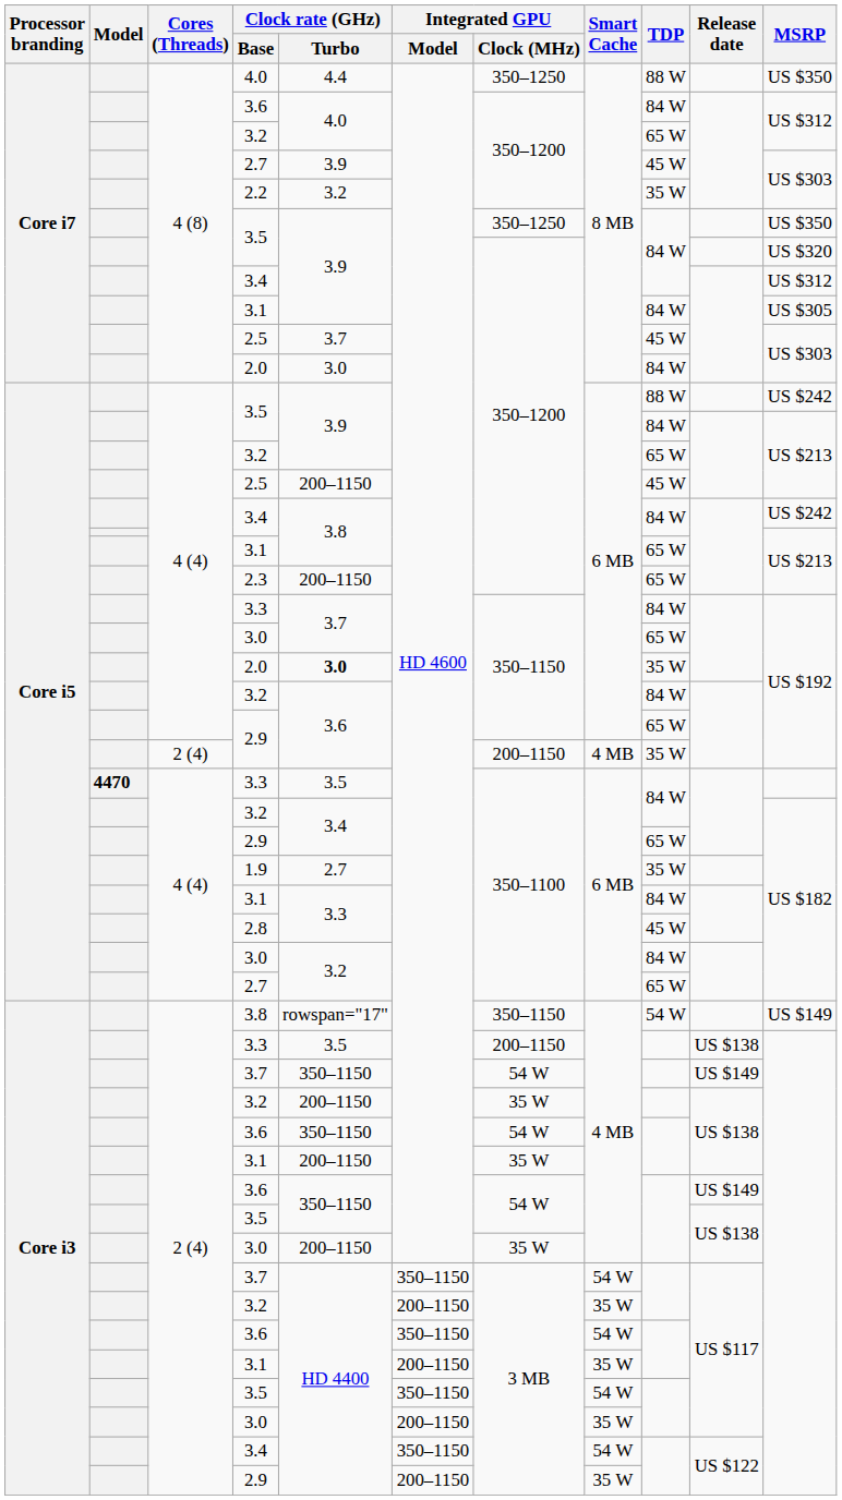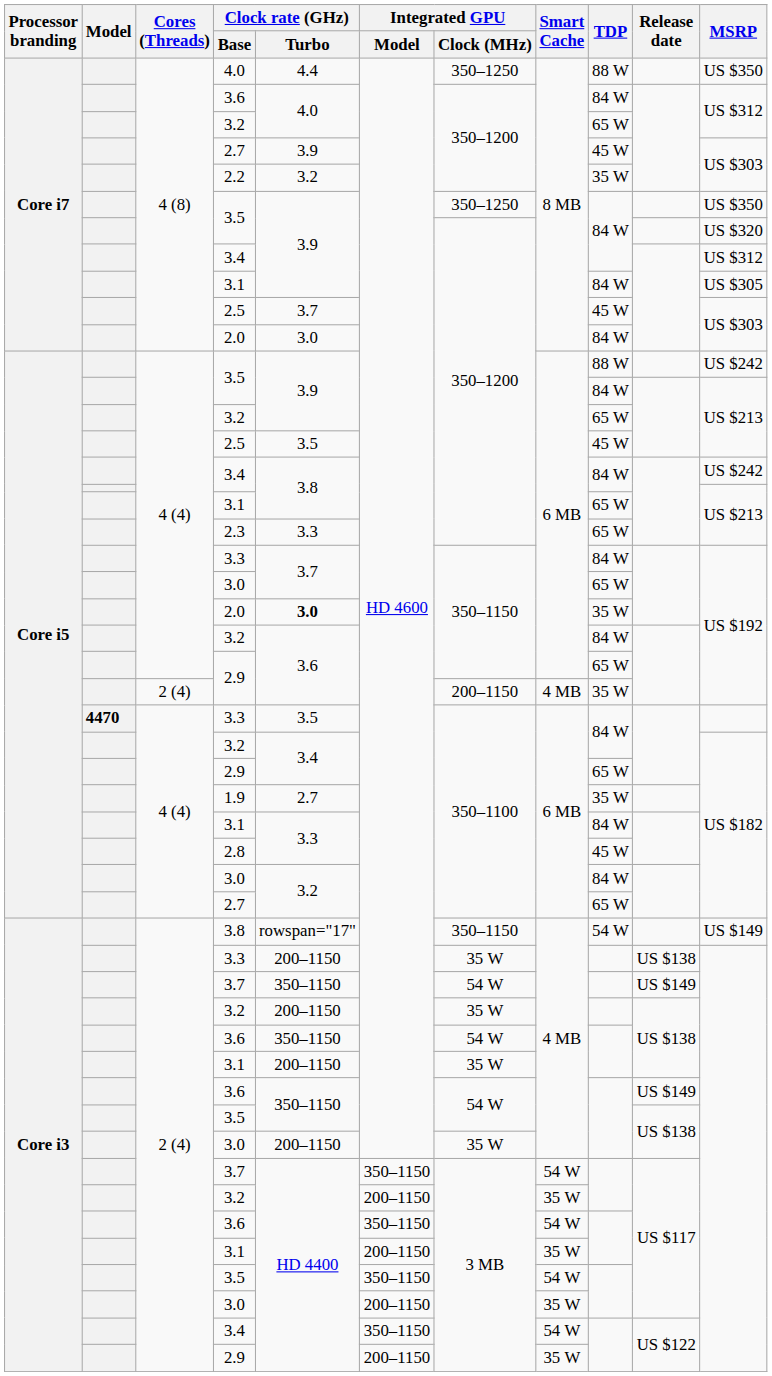 <table class="wikitable sortable nowrap" style="text-align: center;">
 <tr>
 <th class="unsortable" rowspan="2">Processor<br>branding</th>
 <th rowspan="2">Model</th>
 <th class="unsortable" rowspan="2"><a href='#'>Cores</a><br>(<a href='#'>Threads</a>)</th>
 <th colspan="2"><a href='#'>Clock rate</a> (GHz)</th>
 <th colspan="2">Integrated <a href='#'>GPU</a></th>
 <th class="unsortable" rowspan="2"><a href='#'>Smart<br>Cache</a></th>
 <th rowspan="2"><a href='#'>TDP</a></th>
 <th rowspan="2">Release<br>date</th>
 <th class="unsortable" rowspan="2"><a href='#'>MSRP</a></th>
 </tr>
 <tr>
 <th class="unsortable">Base</th>
 <th class="unsortable">Turbo</th>
 <th class="unsortable">Model</th>
 <th class="unsortable">Clock (MHz)</th>
 </tr>
 <tr>
 <th rowspan="11">Core i7</th>
 <th style="text-align:left;" data-sort-value="sku50"></th>
 <td rowspan="11">4 (8)</td>
 <td>4.0</td>
 <td>4.4</td>
 <td rowspan="42"><a href='#'>HD 4600</a></td>
 <td>350–1250</td>
 <td rowspan="11">8 MB</td>
 <td>88 W</td>
 <td></td>
 <td>US $350</td>
 </tr>
 <tr>
 <th style="text-align:left;" data-sort-value="sku49"></th>
 <td>3.6</td>
 <td rowspan="2">4.0</td>
 <td rowspan="4">350–1200</td>
 <td>84 W</td>
 <td rowspan="4"></td>
 <td rowspan="2">US $312</td>
 </tr>
 <tr>
 <th style="text-align:left;" data-sort-value="sku48"></th>
 <td>3.2</td>
 <td>65 W</td>
 </tr>
 <tr>
 <th style="text-align:left;" data-sort-value="sku47"></th>
 <td>2.7</td>
 <td>3.9</td>
 <td>45 W</td>
 <td rowspan="2">US $303</td>
 </tr>
 <tr>
 <th style="text-align:left;" data-sort-value="sku46"></th>
 <td>2.2</td>
 <td>3.2</td>
 <td>35 W</td>
 </tr>
 <tr>
 <th style="text-align:left;" data-sort-value="sku45"></th>
 <td rowspan="2">3.5</td>
 <td rowspan="4">3.9</td>
 <td>350–1250</td>
 <td rowspan="3">84 W</td>
 <td></td>
 <td>US $350</td>
 </tr>
 <tr>
 <th style="text-align:left;" data-sort-value="sku44"></th>
 <td rowspan="13">350–1200</td>
 <td></td>
 <td>US $320</td>
 </tr>
 <tr>
 <th style="text-align:left;" data-sort-value="sku43"></th>
 <td>3.4</td>
 <td rowspan="4"></td>
 <td>US $312</td>
 </tr>
 <tr>
 <th style="text-align:left;" data-sort-value="sku42"></th>
 <td>3.1</td>
 <td>84 W</td>
 <td>US $305</td>
 </tr>
 <tr>
 <th style="text-align:left;" data-sort-value="sku41"></th>
 <td>2.5</td>
 <td>3.7</td>
 <td>45 W</td>
 <td rowspan="2">US $303</td>
 </tr>
 <tr>
 <th style="text-align:left;" data-sort-value="sku40"></th>
 <td>2.0</td>
 <td>3.0</td>
 <td>84 W</td>
 </tr>
 <tr>
 <th rowspan="22">Core i5</th>
 <th style="text-align:left;" data-sort-value="sku39"></th>
 <td rowspan="13">4 (4)</td>
 <td rowspan="2">3.5</td>
 <td rowspan="3">3.9</td>
 <td rowspan="13">6 MB</td>
 <td>88 W</td>
 <td></td>
 <td>US $242</td>
 </tr>
 <tr>
 <th style="text-align:left;" data-sort-value="sku38"></th>
 <td>84 W</td>
 <td rowspan="3"></td>
 <td rowspan="3">US $213</td>
 </tr>
 <tr>
 <th style="text-align:left;" data-sort-value="sku37"></th>
 <td>3.2</td>
 <td>65 W</td>
 </tr>
 <tr>
 <th style="text-align:left;" data-sort-value="sku36"></th>
 <td>2.5</td>
-<td>200–1150</td>
+<td>3.5</td>
 <td>45 W</td>
 </tr>
 <tr>
 <th style="text-align:left;" data-sort-value="sku35"></th>
 <td rowspan="2">3.4</td>
 <td rowspan="3">3.8</td>
 <td rowspan="2">84 W</td>
 <td rowspan="4"></td>
 <td>US $242</td>
 </tr>
 <tr>
 <th style="text-align:left;" data-sort-value="sku34"></th>
 <td rowspan="3">US $213</td>
 </tr>
 <tr>
 <th style="text-align:left;" data-sort-value="sku33"></th>
 <td>3.1</td>
 <td>65 W</td>
 </tr>
 <tr>
 <th style="text-align:left;" data-sort-value="sku32"></th>
 <td>2.3</td>
-<td>200–1150</td>
+<td>3.3</td>
 <td>65 W</td>
 </tr>
 <tr>
 <th style="text-align:left;" data-sort-value="sku31"></th>
 <td>3.3</td>
 <td rowspan="2">3.7</td>
 <td rowspan="5">350–1150</td>
 <td>84 W</td>
 <td rowspan="3"></td>
 <td rowspan="6">US $192</td>
 </tr>
 <tr>
 <th style="text-align:left;" data-sort-value="sku30"></th>
 <td>3.0</td>
 <td>65 W</td>
 </tr>
 <tr>
 <th style="text-align:left;" data-sort-value="sku29"></th>
 <td>2.0</td>
 <td><strong>3.0</strong></td>
 <td>35 W</td>
 </tr>
 <tr>
 <th style="text-align:left;" data-sort-value="sku28"></th>
 <td>3.2</td>
 <td rowspan="3">3.6</td>
 <td>84 W</td>
 <td rowspan="3"></td>
 </tr>
 <tr>
 <th style="text-align:left;" data-sort-value="sku27"></th>
 <td rowspan="2">2.9</td>
 <td>65 W</td>
 </tr>
 <tr>
 <th style="text-align:left;" data-sort-value="sku26"></th>
 <td>2 (4)</td>
 <td>200–1150</td>
 <td>4 MB</td>
 <td>35 W</td>
 </tr>
 <tr>
 <th style="text-align:left;" data-sort-value="sku25">4470</th>
 <td rowspan="8">4 (4)</td>
 <td>3.3</td>
 <td>3.5</td>
 <td rowspan="8">350–1100</td>
 <td rowspan="8">6 MB</td>
 <td rowspan="2">84 W</td>
 <td rowspan="3"></td>
 <td></td>
 </tr>
 <tr>
 <th style="text-align:left;" data-sort-value="sku24"></th>
 <td>3.2</td>
 <td rowspan="2">3.4</td>
 <td rowspan="7">US $182</td>
 </tr>
 <tr>
 <th style="text-align:left;" data-sort-value="sku23"></th>
 <td>2.9</td>
 <td>65 W</td>
 </tr>
 <tr>
 <th style="text-align:left;" data-sort-value="sku22"></th>
 <td>1.9</td>
 <td>2.7</td>
 <td>35 W</td>
 <td></td>
 </tr>
 <tr>
 <th style="text-align:left;" data-sort-value="sku21"></th>
 <td>3.1</td>
 <td rowspan="2">3.3</td>
 <td>84 W</td>
 <td rowspan="2"></td>
 </tr>
 <tr>
 <th style="text-align:left;" data-sort-value="sku20"></th>
 <td>2.8</td>
 <td>45 W</td>
 </tr>
 <tr>
 <th style="text-align:left;" data-sort-value="sku19"></th>
 <td>3.0</td>
 <td rowspan="2">3.2</td>
 <td>84 W</td>
 <td rowspan="2"></td>
 </tr>
 <tr>
 <th style="text-align:left;" data-sort-value="sku18"></th>
 <td>2.7</td>
 <td>65 W</td>
 </tr>
 <tr>
 <th rowspan="17">Core i3</th>
 <th style="text-align:left;" data-sort-value="sku17"></th>
 <td rowspan="17">2 (4)</td>
 <td>3.8</td>
 <td>rowspan="17" </td>
 <td>350–1150</td>
 <td rowspan="9">4 MB</td>
 <td>54 W</td>
 <td></td>
 <td>US $149</td>
 </tr>
 <tr>
 <th style="text-align:left;" data-sort-value="sku16"></th>
 <td>3.3</td>
-<td>3.5</td>
 <td>200–1150</td>
+<td>35 W</td>
 <td></td>
 <td>US $138</td>
 </tr>
 <tr>
 <th style="text-align:left;" data-sort-value="sku15"></th>
 <td>3.7</td>
 <td>350–1150</td>
 <td>54 W</td>
 <td></td>
 <td>US $149</td>
 </tr>
 <tr>
 <th style="text-align:left;" data-sort-value="sku14"></th>
 <td>3.2</td>
 <td>200–1150</td>
 <td>35 W</td>
 <td></td>
 <td rowspan="3">US $138</td>
 </tr>
 <tr>
 <th style="text-align:left;" data-sort-value="sku13"></th>
 <td>3.6</td>
 <td>350–1150</td>
 <td>54 W</td>
 <td rowspan="2"></td>
 </tr>
 <tr>
 <th style="text-align:left;" data-sort-value="sku12"></th>
 <td>3.1</td>
 <td>200–1150</td>
 <td>35 W</td>
 </tr>
 <tr>
 <th style="text-align:left;" data-sort-value="sku11"></th>
 <td>3.6</td>
 <td rowspan="2">350–1150</td>
 <td rowspan="2">54 W</td>
 <td rowspan="3"></td>
 <td>US $149</td>
 </tr>
 <tr>
 <th style="text-align:left;" data-sort-value="sku10"></th>
 <td>3.5</td>
 <td rowspan="2">US $138</td>
 </tr>
 <tr>
 <th style="text-align:left;" data-sort-value="sku9"></th>
 <td>3.0</td>
 <td>200–1150</td>
 <td>35 W</td>
 </tr>
 <tr>
 <th style="text-align:left;" data-sort-value="sku8"></th>
 <td>3.7</td>
 <td rowspan="8"><a href='#'>HD 4400</a></td>
 <td>350–1150</td>
 <td rowspan="8">3 MB</td>
 <td>54 W</td>
 <td rowspan="2"></td>
 <td rowspan="6">US $117</td>
 </tr>
 <tr>
 <th style="text-align:left;" data-sort-value="sku7"></th>
 <td>3.2</td>
 <td>200–1150</td>
 <td>35 W</td>
 </tr>
 <tr>
 <th style="text-align:left;" data-sort-value="sku6"></th>
 <td>3.6</td>
 <td>350–1150</td>
 <td>54 W</td>
 <td rowspan="2"></td>
 </tr>
 <tr>
 <th style="text-align:left;" data-sort-value="sku5"></th>
 <td>3.1</td>
 <td>200–1150</td>
 <td>35 W</td>
 </tr>
 <tr>
 <th style="text-align:left;" data-sort-value="sku4"></th>
 <td>3.5</td>
 <td>350–1150</td>
 <td>54 W</td>
 <td rowspan="2"></td>
 </tr>
 <tr>
 <th style="text-align:left;" data-sort-value="sku3"></th>
 <td>3.0</td>
 <td>200–1150</td>
 <td>35 W</td>
 </tr>
 <tr>
 <th style="text-align:left;" data-sort-value="sku2"></th>
 <td>3.4</td>
 <td>350–1150</td>
 <td>54 W</td>
 <td rowspan="2"></td>
 <td rowspan="2">US $122</td>
 </tr>
 <tr>
 <th style="text-align:left;" data-sort-value="sku1"></th>
 <td>2.9</td>
 <td>200–1150</td>
 <td>35 W</td>
 </tr>
 </table>
